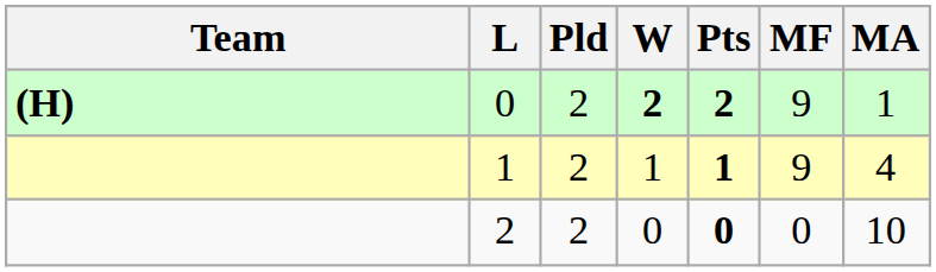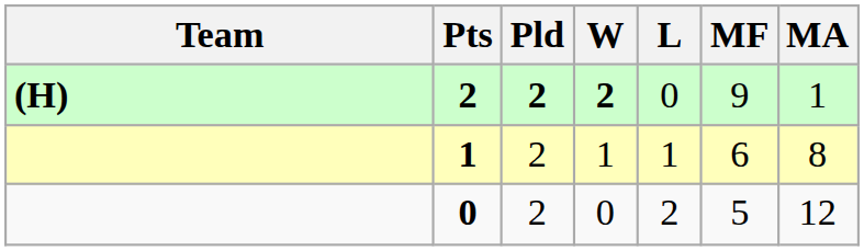 <table class=wikitable style="text-align:center">
 <tr>
 <th width=175>Team</th>
-<th width=20>L</th>
+<th width=20>Pts</th>
 <th width=20>Pld</th>
 <th width=20>W</th>
-<th width=20>Pts</th>
+<th width=20>L</th>
 <th width=20>MF</th>
 <th width=20>MA</th>
 </tr>
 <tr bgcolor=#ccffcc>
 <td style="text-align:left"> <strong>(H)</strong></td>
-<td>0</td>
-<td>2</td>
 <td><strong>2</strong></td>
 <td><strong>2</strong></td>
+<td><strong>2</strong></td>
+<td>0</td>
 <td>9</td>
 <td>1</td>
 </tr>
 <tr bgcolor=#ffffbb>
 <td style="text-align:left"></td>
-<td>1</td>
+<td><strong>1</strong></td>
 <td>2</td>
 <td>1</td>
-<td><strong>1</strong></td>
-<td>9</td>
-<td>4</td>
+<td>1</td>
+<td>6</td>
+<td>8</td>
 </tr>
 <tr>
 <td style="text-align:left"></td>
-<td>2</td>
+<td><strong>0</strong></td>
 <td>2</td>
 <td>0</td>
-<td><strong>0</strong></td>
-<td>0</td>
-<td>10</td>
+<td>2</td>
+<td>5</td>
+<td>12</td>
 </tr>
 </table>
